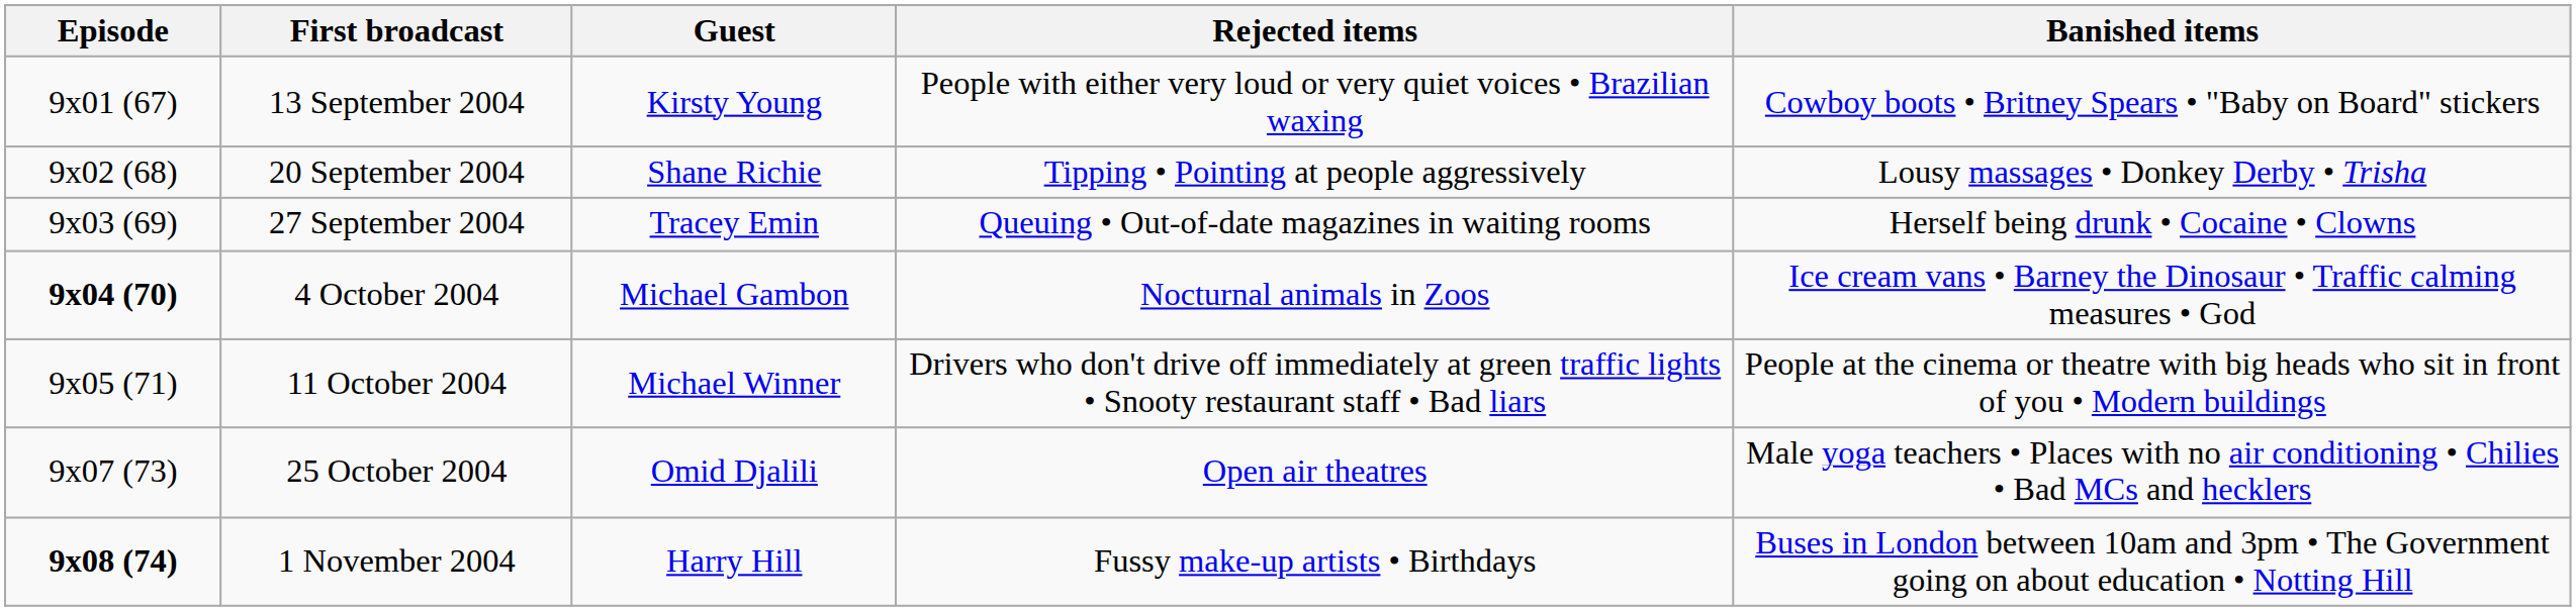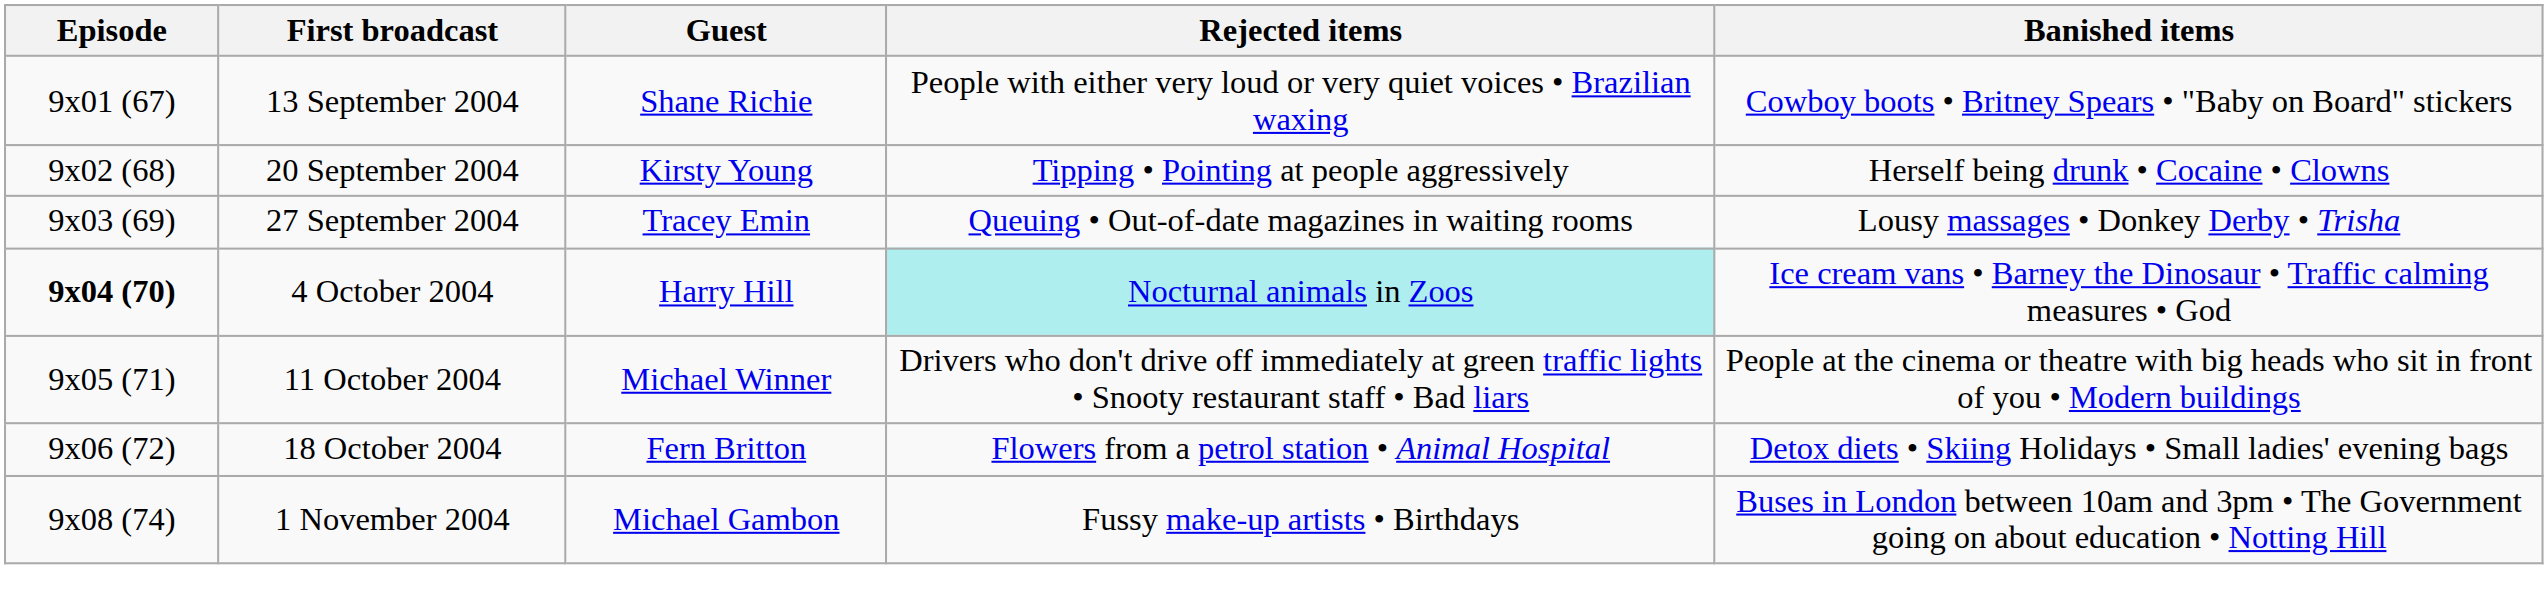 <table class="wikitable"  style="width:99%; left:0 auto; text-align:center;">
 <tr>
 <th style="width:8%;">Episode</th>
 <th style="width:13%;">First broadcast</th>
 <th style="width:12%;">Guest</th>
 <th style="width:31%;">Rejected items</th>
 <th style="width:31%;">Banished items</th>
 </tr>
 <tr>
 <td>9x01 (67)</td>
 <td>13 September 2004</td>
-<td><a href='#'>Kirsty Young</a></td>
+<td><a href='#'>Shane Richie</a></td>
 <td>People with either very loud or very quiet voices • <a href='#'>Brazilian waxing</a></td>
 <td><a href='#'>Cowboy boots</a> • <a href='#'>Britney Spears</a> • "Baby on Board" stickers</td>
 </tr>
 <tr>
 <td>9x02 (68)</td>
 <td>20 September 2004</td>
-<td><a href='#'>Shane Richie</a></td>
+<td><a href='#'>Kirsty Young</a></td>
 <td><a href='#'>Tipping</a> • <a href='#'>Pointing</a> at people aggressively</td>
-<td>Lousy <a href='#'>massages</a> • Donkey <a href='#'>Derby</a> • <em><a href='#'>Trisha</a></em></td>
+<td>Herself being <a href='#'>drunk</a> • <a href='#'>Cocaine</a> • <a href='#'>Clowns</a></td>
 </tr>
 <tr>
 <td>9x03 (69)</td>
 <td>27 September 2004</td>
 <td><a href='#'>Tracey Emin</a></td>
 <td><a href='#'>Queuing</a> • Out-of-date magazines in waiting rooms</td>
-<td>Herself being <a href='#'>drunk</a> • <a href='#'>Cocaine</a> • <a href='#'>Clowns</a></td>
+<td>Lousy <a href='#'>massages</a> • Donkey <a href='#'>Derby</a> • <em><a href='#'>Trisha</a></em></td>
 </tr>
 <tr>
 <td><strong>9x04 (70)</strong></td>
 <td>4 October 2004</td>
-<td><a href='#'>Michael Gambon</a></td>
-<td><a href='#'>Nocturnal animals</a> in <a href='#'>Zoos</a></td>
+<td><a href='#'>Harry Hill</a></td>
+<td style="background: paleturquoise;"><a href='#'>Nocturnal animals</a> in <a href='#'>Zoos</a></td>
 <td><a href='#'>Ice cream vans</a> • <a href='#'>Barney the Dinosaur</a> • <a href='#'>Traffic calming</a> measures • God</td>
 </tr>
 <tr>
 <td>9x05 (71)</td>
 <td>11 October 2004</td>
 <td><a href='#'>Michael Winner</a></td>
 <td>Drivers who don't drive off immediately at green <a href='#'>traffic lights</a> • Snooty restaurant staff • Bad <a href='#'>liars</a></td>
 <td>People at the cinema or theatre with big heads who sit in front of you • <a href='#'>Modern buildings</a></td>
 </tr>
 <tr>
-<td>9x07 (73)</td>
-<td>25 October 2004</td>
-<td><a href='#'>Omid Djalili</a></td>
-<td><a href='#'>Open air theatres</a></td>
-<td>Male <a href='#'>yoga</a> teachers • Places with no <a href='#'>air conditioning</a> • <a href='#'>Chilies</a> • Bad <a href='#'>MCs</a> and <a href='#'>hecklers</a></td>
+<td>9x06 (72)</td>
+<td>18 October 2004</td>
+<td><a href='#'>Fern Britton</a></td>
+<td><a href='#'>Flowers</a> from a <a href='#'>petrol station</a> • <em><a href='#'>Animal Hospital</a></em></td>
+<td><a href='#'>Detox diets</a> • <a href='#'>Skiing</a> Holidays • Small ladies' evening bags</td>
 </tr>
 <tr>
-<td><strong>9x08 (74)</strong></td>
+<td>9x08 (74)</td>
 <td>1 November 2004</td>
-<td><a href='#'>Harry Hill</a></td>
+<td><a href='#'>Michael Gambon</a></td>
 <td>Fussy <a href='#'>make-up artists</a> • Birthdays</td>
 <td><a href='#'>Buses in London</a> between 10am and 3pm • The Government going on about education • <a href='#'>Notting Hill</a></td>
 </tr>
 </table>
